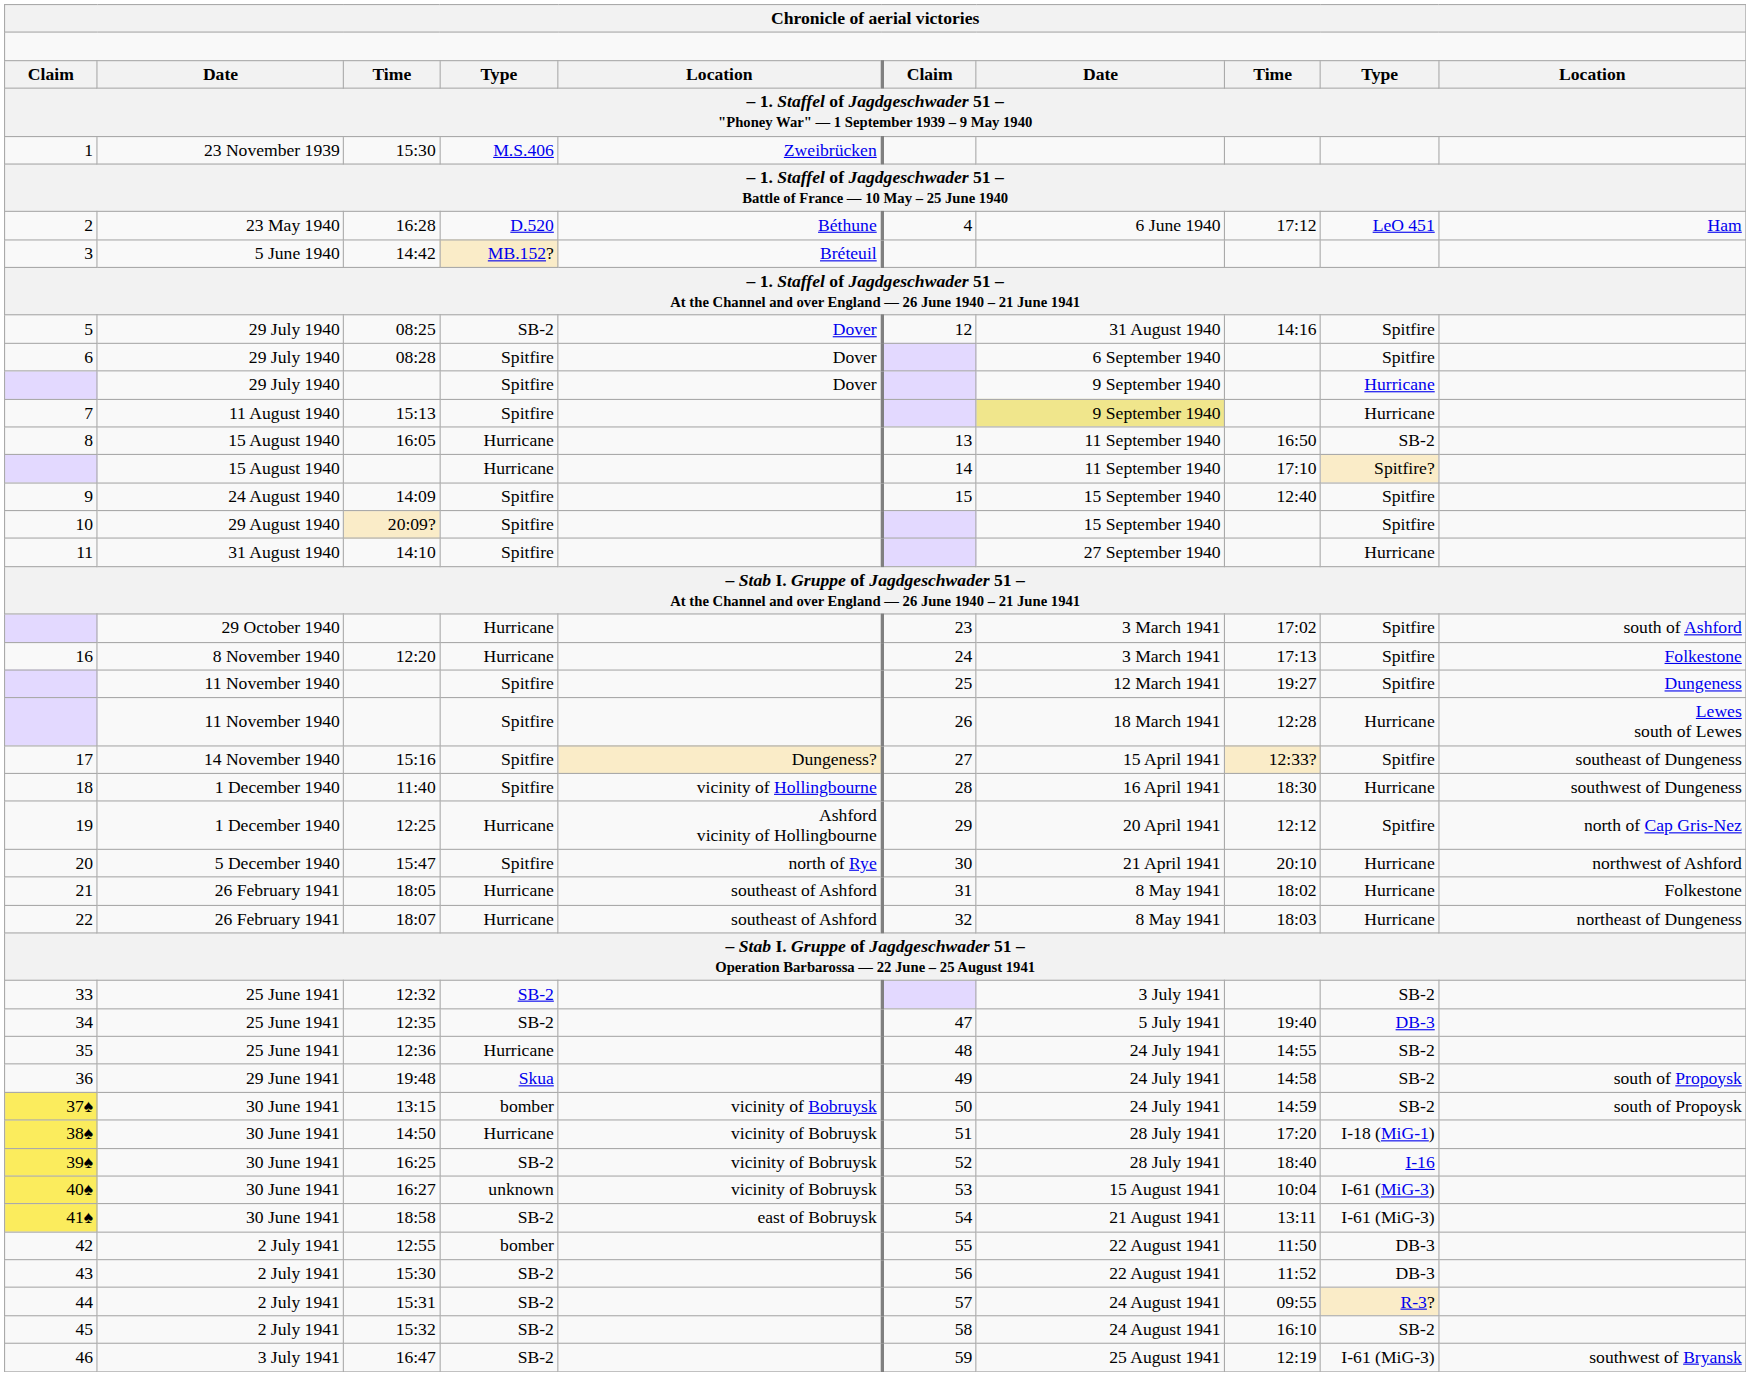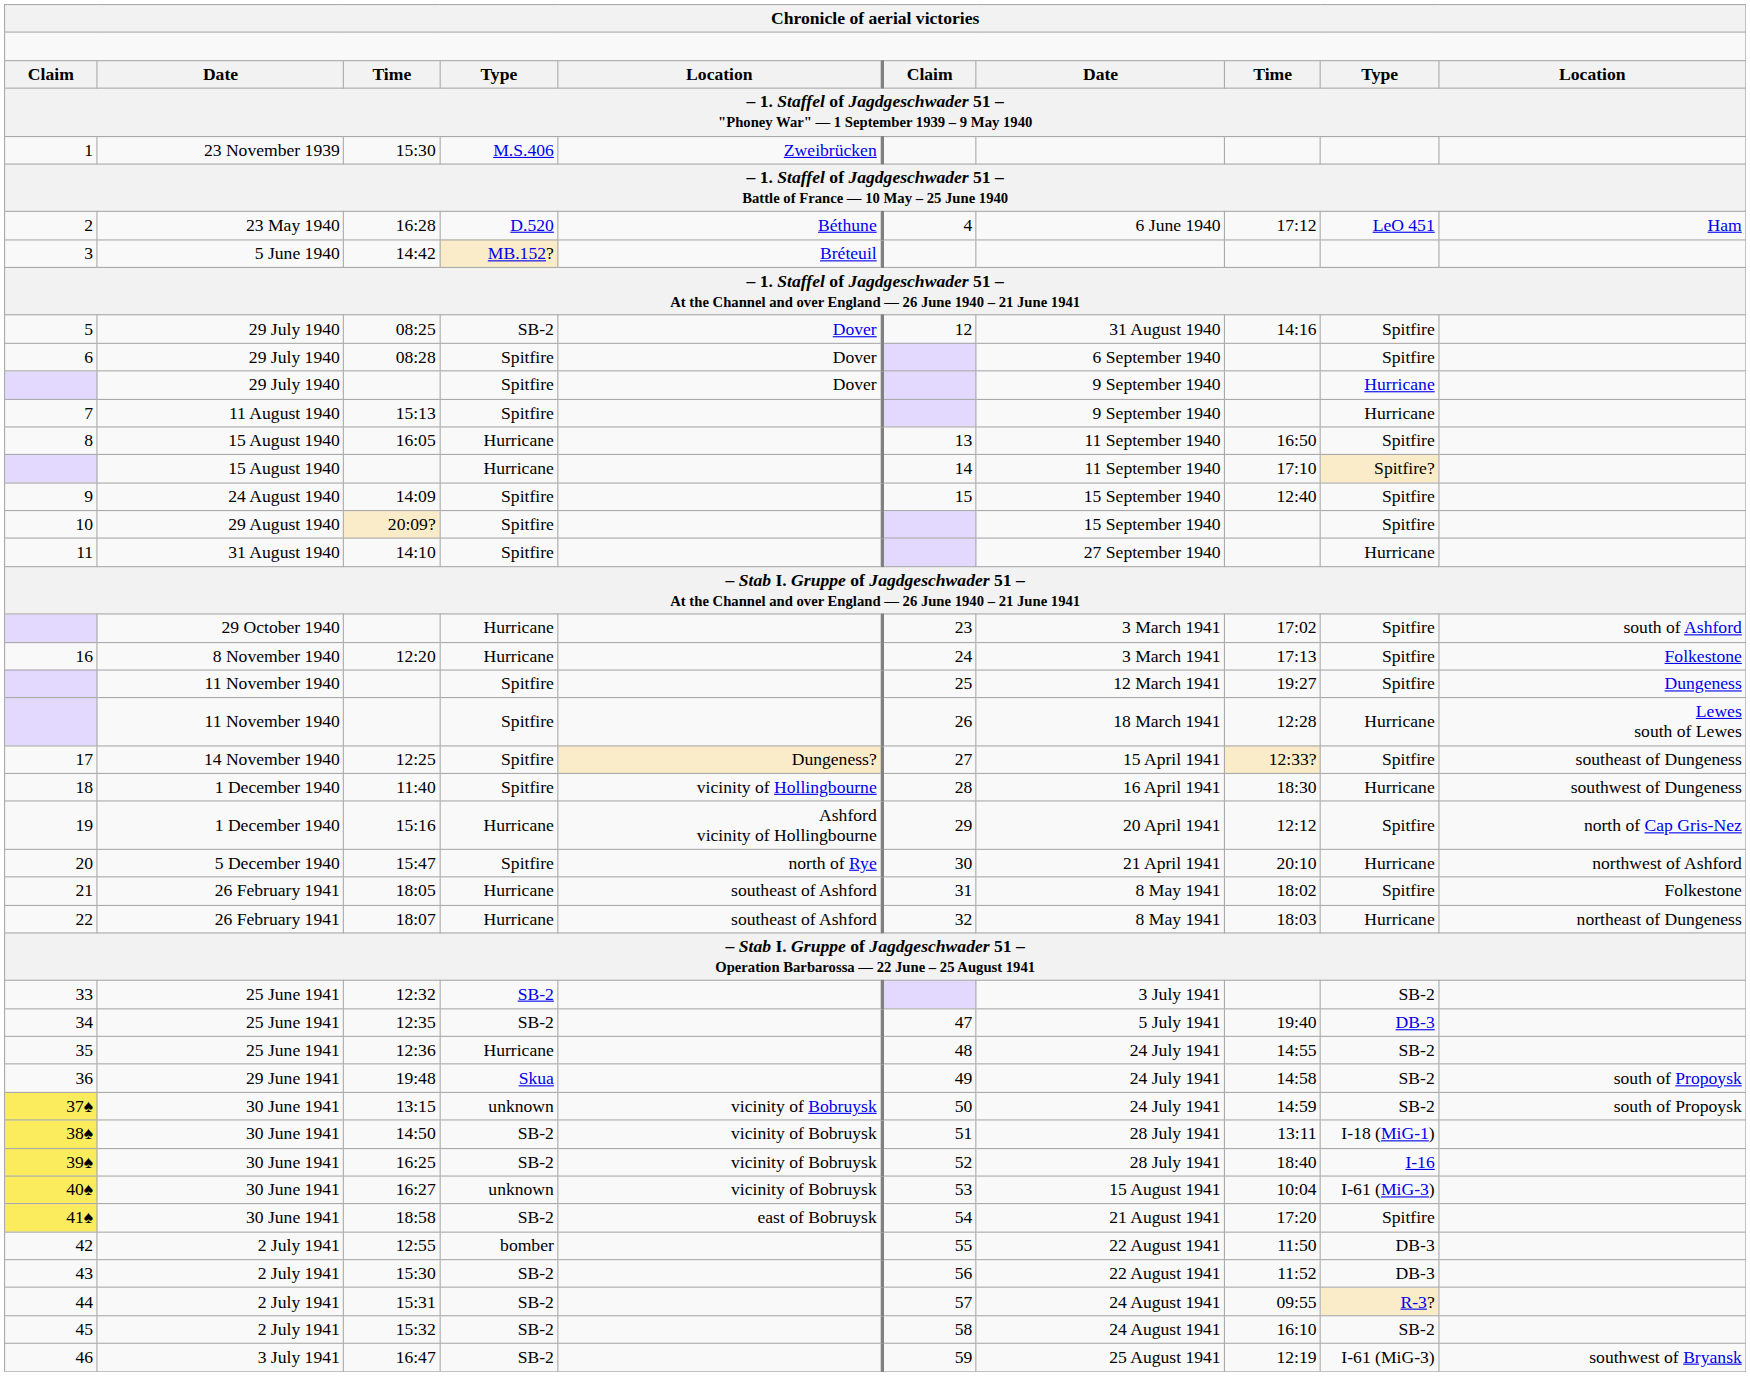 <table class="wikitable plainrowheaders collapsible" style="margin-left: auto; margin-right: auto; border: none; text-align:right; width: 100%;">
 <tr>
 <th colspan="10">Chronicle of aerial victories</th>
 </tr>
 <tr>
 <td colspan="10" style="text-align: left;"><br>  </td>
 </tr>
 <tr>
 <th scope="col">Claim</th>
 <th scope="col">Date</th>
 <th scope="col">Time</th>
 <th scope="col" width="100px">Type</th>
 <th scope="col">Location</th>
 <th scope="col" style="border-left: 3px solid grey;">Claim</th>
 <th scope="col">Date</th>
 <th scope="col">Time</th>
 <th scope="col" width="100px">Type</th>
 <th scope="col">Location</th>
 </tr>
 <tr>
 <th colspan="10">– 1. <em>Staffel</em> of <em>Jagdgeschwader</em> 51 –<br><small>"Phoney War" — 1 September 1939 – 9 May 1940</small></th>
 </tr>
 <tr>
 <td>1</td>
 <td>23 November 1939</td>
 <td>15:30</td>
 <td><a href='#'>M.S.406</a></td>
 <td><a href='#'>Zweibrücken</a></td>
 <td style="border-left: 3px solid grey;"></td>
 <td></td>
 <td></td>
 <td></td>
 <td></td>
 </tr>
 <tr>
 <th colspan="10">– 1. <em>Staffel</em> of <em>Jagdgeschwader</em> 51 –<br><small>Battle of France — 10 May – 25 June 1940</small></th>
 </tr>
 <tr>
 <td>2</td>
 <td>23 May 1940</td>
 <td>16:28</td>
 <td><a href='#'>D.520</a></td>
 <td><a href='#'>Béthune</a></td>
 <td style="border-left: 3px solid grey;">4</td>
 <td>6 June 1940</td>
 <td>17:12</td>
 <td><a href='#'>LeO 451</a></td>
 <td><a href='#'>Ham</a></td>
 </tr>
 <tr>
 <td>3</td>
 <td>5 June 1940</td>
 <td>14:42</td>
 <td style="background:#faecc8"><a href='#'>MB.152</a>?</td>
 <td><a href='#'>Bréteuil</a></td>
 <td style="border-left: 3px solid grey;"></td>
 <td></td>
 <td></td>
 <td></td>
 <td></td>
 </tr>
 <tr>
 <th colspan="10">– 1. <em>Staffel</em> of <em>Jagdgeschwader</em> 51 –<br><small>At the Channel and over England — 26 June 1940 – 21 June 1941</small></th>
 </tr>
 <tr>
 <td>5</td>
 <td>29 July 1940</td>
 <td>08:25</td>
 <td>SB-2</td>
 <td><a href='#'>Dover</a></td>
 <td style="border-left: 3px solid grey;">12</td>
 <td>31 August 1940</td>
 <td>14:16</td>
 <td>Spitfire</td>
 <td></td>
 </tr>
 <tr>
 <td>6</td>
 <td>29 July 1940</td>
 <td>08:28</td>
 <td>Spitfire</td>
 <td>Dover</td>
 <td style="border-left: 3px solid grey; background:#e3d9ff;"></td>
 <td>6 September 1940</td>
 <td></td>
 <td>Spitfire</td>
 <td></td>
 </tr>
 <tr>
 <td style="background:#e3d9ff;"></td>
 <td>29 July 1940</td>
 <td></td>
 <td>Spitfire</td>
 <td>Dover</td>
 <td style="border-left: 3px solid grey; background:#e3d9ff;"></td>
 <td>9 September 1940</td>
 <td></td>
 <td><a href='#'>Hurricane</a></td>
 <td></td>
 </tr>
 <tr>
 <td>7</td>
 <td>11 August 1940</td>
 <td>15:13</td>
 <td>Spitfire</td>
 <td></td>
 <td style="border-left: 3px solid grey; background:#e3d9ff;"></td>
-<td style="background: khaki;">9 September 1940</td>
+<td>9 September 1940</td>
 <td></td>
 <td>Hurricane</td>
 <td></td>
 </tr>
 <tr>
 <td>8</td>
 <td>15 August 1940</td>
 <td>16:05</td>
 <td>Hurricane</td>
 <td></td>
 <td style="border-left: 3px solid grey;">13</td>
 <td>11 September 1940</td>
 <td>16:50</td>
-<td>SB-2</td>
+<td>Spitfire</td>
 <td></td>
 </tr>
 <tr>
 <td style="background:#e3d9ff;"></td>
 <td>15 August 1940</td>
 <td></td>
 <td>Hurricane</td>
 <td></td>
 <td style="border-left: 3px solid grey;">14</td>
 <td>11 September 1940</td>
 <td>17:10</td>
 <td style="background:#faecc8">Spitfire?</td>
 <td></td>
 </tr>
 <tr>
 <td>9</td>
 <td>24 August 1940</td>
 <td>14:09</td>
 <td>Spitfire</td>
 <td></td>
 <td style="border-left: 3px solid grey;">15</td>
 <td>15 September 1940</td>
 <td>12:40</td>
 <td>Spitfire</td>
 <td></td>
 </tr>
 <tr>
 <td>10</td>
 <td>29 August 1940</td>
 <td style="background:#faecc8">20:09?</td>
 <td>Spitfire</td>
 <td></td>
 <td style="border-left: 3px solid grey; background:#e3d9ff;"></td>
 <td>15 September 1940</td>
 <td></td>
 <td>Spitfire</td>
 <td></td>
 </tr>
 <tr>
 <td>11</td>
 <td>31 August 1940</td>
 <td>14:10</td>
 <td>Spitfire</td>
 <td></td>
 <td style="border-left: 3px solid grey; background:#e3d9ff;"></td>
 <td>27 September 1940</td>
 <td></td>
 <td>Hurricane</td>
 <td></td>
 </tr>
 <tr>
 <th colspan="10">– <em>Stab</em> I. <em>Gruppe</em> of <em>Jagdgeschwader</em> 51 –<br><small>At the Channel and over England — 26 June 1940 – 21 June 1941</small></th>
 </tr>
 <tr>
 <td style="background:#e3d9ff;"></td>
 <td>29 October 1940</td>
 <td></td>
 <td>Hurricane</td>
 <td></td>
 <td style="border-left: 3px solid grey;">23</td>
 <td>3 March 1941</td>
 <td>17:02</td>
 <td>Spitfire</td>
 <td>south of <a href='#'>Ashford</a></td>
 </tr>
 <tr>
 <td>16</td>
 <td>8 November 1940</td>
 <td>12:20</td>
 <td>Hurricane</td>
 <td></td>
 <td style="border-left: 3px solid grey;">24</td>
 <td>3 March 1941</td>
 <td>17:13</td>
 <td>Spitfire</td>
 <td><a href='#'>Folkestone</a></td>
 </tr>
 <tr>
 <td style="background:#e3d9ff;"></td>
 <td>11 November 1940</td>
 <td></td>
 <td>Spitfire</td>
 <td></td>
 <td style="border-left: 3px solid grey;">25</td>
 <td>12 March 1941</td>
 <td>19:27</td>
 <td>Spitfire</td>
 <td><a href='#'>Dungeness</a></td>
 </tr>
 <tr>
 <td style="background:#e3d9ff;"></td>
 <td>11 November 1940</td>
 <td></td>
 <td>Spitfire</td>
 <td></td>
 <td style="border-left: 3px solid grey;">26</td>
 <td>18 March 1941</td>
 <td>12:28</td>
 <td>Hurricane</td>
 <td><a href='#'>Lewes</a><br> south of Lewes</td>
 </tr>
 <tr>
 <td>17</td>
 <td>14 November 1940</td>
-<td>15:16</td>
+<td>12:25</td>
 <td>Spitfire</td>
 <td style="background:#faecc8">Dungeness?</td>
 <td style="border-left: 3px solid grey;">27</td>
 <td>15 April 1941</td>
 <td style="background:#faecc8">12:33?</td>
 <td>Spitfire</td>
 <td> southeast of Dungeness</td>
 </tr>
 <tr>
 <td>18</td>
 <td>1 December 1940</td>
 <td>11:40</td>
 <td>Spitfire</td>
 <td>vicinity of <a href='#'>Hollingbourne</a></td>
 <td style="border-left: 3px solid grey;">28</td>
 <td>16 April 1941</td>
 <td>18:30</td>
 <td>Hurricane</td>
 <td> southwest of Dungeness</td>
 </tr>
 <tr>
 <td>19</td>
 <td>1 December 1940</td>
-<td>12:25</td>
+<td>15:16</td>
 <td>Hurricane</td>
 <td>Ashford<br>vicinity of Hollingbourne</td>
 <td style="border-left: 3px solid grey;">29</td>
 <td>20 April 1941</td>
 <td>12:12</td>
 <td>Spitfire</td>
 <td> north of <a href='#'>Cap Gris-Nez</a></td>
 </tr>
 <tr>
 <td>20</td>
 <td>5 December 1940</td>
 <td>15:47</td>
 <td>Spitfire</td>
 <td>north of <a href='#'>Rye</a></td>
 <td style="border-left: 3px solid grey;">30</td>
 <td>21 April 1941</td>
 <td>20:10</td>
 <td>Hurricane</td>
 <td>northwest of Ashford</td>
 </tr>
 <tr>
 <td>21</td>
 <td>26 February 1941</td>
 <td>18:05</td>
 <td>Hurricane</td>
 <td>southeast of Ashford</td>
 <td style="border-left: 3px solid grey;">31</td>
 <td>8 May 1941</td>
 <td>18:02</td>
-<td>Hurricane</td>
+<td>Spitfire</td>
 <td>Folkestone</td>
 </tr>
 <tr>
 <td>22</td>
 <td>26 February 1941</td>
 <td>18:07</td>
 <td>Hurricane</td>
 <td>southeast of Ashford</td>
 <td style="border-left: 3px solid grey;">32</td>
 <td>8 May 1941</td>
 <td>18:03</td>
 <td>Hurricane</td>
 <td>northeast of Dungeness</td>
 </tr>
 <tr>
 <th colspan="10">– <em>Stab</em> I. <em>Gruppe</em> of <em>Jagdgeschwader</em> 51 –<br><small>Operation Barbarossa — 22 June – 25 August 1941</small></th>
 </tr>
 <tr>
 <td>33</td>
 <td>25 June 1941</td>
 <td>12:32</td>
 <td><a href='#'>SB-2</a></td>
 <td></td>
 <td style="border-left: 3px solid grey; background:#e3d9ff;"></td>
 <td>3 July 1941</td>
 <td></td>
 <td>SB-2</td>
 <td></td>
 </tr>
 <tr>
 <td>34</td>
 <td>25 June 1941</td>
 <td>12:35</td>
 <td>SB-2</td>
 <td></td>
 <td style="border-left: 3px solid grey;">47</td>
 <td>5 July 1941</td>
 <td>19:40</td>
 <td><a href='#'>DB-3</a></td>
 <td></td>
 </tr>
 <tr>
 <td>35</td>
 <td>25 June 1941</td>
 <td>12:36</td>
 <td>Hurricane</td>
 <td></td>
 <td style="border-left: 3px solid grey;">48</td>
 <td>24 July 1941</td>
 <td>14:55</td>
 <td>SB-2</td>
 <td></td>
 </tr>
 <tr>
 <td>36</td>
 <td>29 June 1941</td>
 <td>19:48</td>
 <td><a href='#'>Skua</a></td>
 <td></td>
 <td style="border-left: 3px solid grey;">49</td>
 <td>24 July 1941</td>
 <td>14:58</td>
 <td>SB-2</td>
 <td>south of <a href='#'>Propoysk</a></td>
 </tr>
 <tr>
 <td style="background:#fbec5d;">37♠</td>
 <td>30 June 1941</td>
 <td>13:15</td>
-<td>bomber</td>
+<td>unknown</td>
 <td>vicinity of <a href='#'>Bobruysk</a></td>
 <td style="border-left: 3px solid grey;">50</td>
 <td>24 July 1941</td>
 <td>14:59</td>
 <td>SB-2</td>
 <td>south of Propoysk</td>
 </tr>
 <tr>
 <td style="background:#fbec5d;">38♠</td>
 <td>30 June 1941</td>
 <td>14:50</td>
-<td>Hurricane</td>
+<td>SB-2</td>
 <td>vicinity of Bobruysk</td>
 <td style="border-left: 3px solid grey;">51</td>
 <td>28 July 1941</td>
-<td>17:20</td>
+<td>13:11</td>
 <td>I-18 (<a href='#'>MiG-1</a>)</td>
 <td></td>
 </tr>
 <tr>
 <td style="background:#fbec5d;">39♠</td>
 <td>30 June 1941</td>
 <td>16:25</td>
 <td>SB-2</td>
 <td>vicinity of Bobruysk</td>
 <td style="border-left: 3px solid grey;">52</td>
 <td>28 July 1941</td>
 <td>18:40</td>
 <td><a href='#'>I-16</a></td>
 <td></td>
 </tr>
 <tr>
 <td style="background:#fbec5d;">40♠</td>
 <td>30 June 1941</td>
 <td>16:27</td>
 <td>unknown</td>
 <td>vicinity of Bobruysk</td>
 <td style="border-left: 3px solid grey;">53</td>
 <td>15 August 1941</td>
 <td>10:04</td>
 <td>I-61 (<a href='#'>MiG-3</a>)</td>
 <td></td>
 </tr>
 <tr>
 <td style="background:#fbec5d;">41♠</td>
 <td>30 June 1941</td>
 <td>18:58</td>
 <td>SB-2</td>
 <td> east of Bobruysk</td>
 <td style="border-left: 3px solid grey;">54</td>
 <td>21 August 1941</td>
-<td>13:11</td>
-<td>I-61 (MiG-3)</td>
+<td>17:20</td>
+<td>Spitfire</td>
 <td></td>
 </tr>
 <tr>
 <td>42</td>
 <td>2 July 1941</td>
 <td>12:55</td>
 <td>bomber</td>
 <td></td>
 <td style="border-left: 3px solid grey;">55</td>
 <td>22 August 1941</td>
 <td>11:50</td>
 <td>DB-3</td>
 <td></td>
 </tr>
 <tr>
 <td>43</td>
 <td>2 July 1941</td>
 <td>15:30</td>
 <td>SB-2</td>
 <td></td>
 <td style="border-left: 3px solid grey;">56</td>
 <td>22 August 1941</td>
 <td>11:52</td>
 <td>DB-3</td>
 <td></td>
 </tr>
 <tr>
 <td>44</td>
 <td>2 July 1941</td>
 <td>15:31</td>
 <td>SB-2</td>
 <td></td>
 <td style="border-left: 3px solid grey;">57</td>
 <td>24 August 1941</td>
 <td>09:55</td>
 <td style="background:#faecc8"><a href='#'>R-3</a>?</td>
 <td></td>
 </tr>
 <tr>
 <td>45</td>
 <td>2 July 1941</td>
 <td>15:32</td>
 <td>SB-2</td>
 <td></td>
 <td style="border-left: 3px solid grey;">58</td>
 <td>24 August 1941</td>
 <td>16:10</td>
 <td>SB-2</td>
 <td></td>
 </tr>
 <tr>
 <td>46</td>
 <td>3 July 1941</td>
 <td>16:47</td>
 <td>SB-2</td>
 <td></td>
 <td style="border-left: 3px solid grey;">59</td>
 <td>25 August 1941</td>
 <td>12:19</td>
 <td>I-61 (MiG-3)</td>
 <td> southwest of <a href='#'>Bryansk</a></td>
 </tr>
 </table>
